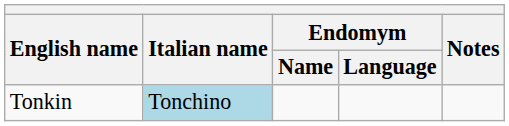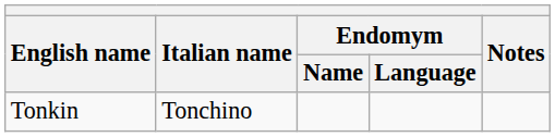 <table class="wikitable sortable">
 <tr>
 <th colspan="5"></th>
 </tr>
 <tr>
 <th rowspan="2">English name</th>
 <th rowspan="2">Italian name</th>
 <th colspan="2">Endomym</th>
 <th rowspan="2">Notes</th>
 </tr>
 <tr>
 <th>Name</th>
 <th>Language</th>
 </tr>
 <tr>
 <td>Tonkin</td>
-<td style="background: lightblue;">Tonchino</td>
+<td>Tonchino</td>
 <td></td>
 <td></td>
 <td></td>
 </tr>
 </table>
